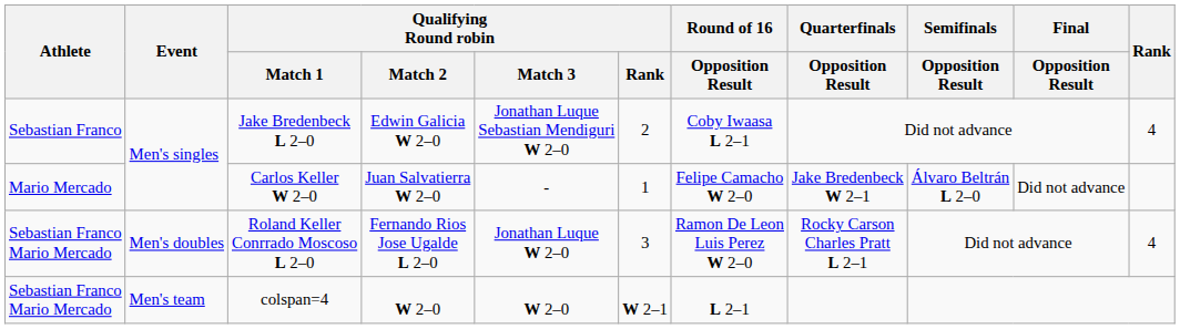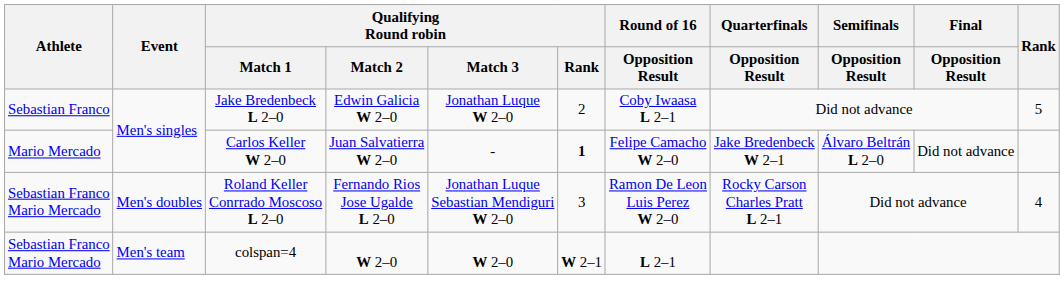 <table class="wikitable" style="font-size:90%">
 <tr>
 <th rowspan="2">Athlete</th>
 <th rowspan="2">Event</th>
 <th colspan="4">Qualifying<br>Round robin</th>
 <th>Round of 16</th>
 <th>Quarterfinals</th>
 <th>Semifinals</th>
 <th>Final</th>
 <th rowspan="2">Rank</th>
 </tr>
 <tr>
 <th>Match 1</th>
 <th>Match 2</th>
 <th>Match 3</th>
 <th>Rank</th>
 <th>Opposition<br>Result</th>
 <th>Opposition<br>Result</th>
 <th>Opposition<br>Result</th>
 <th>Opposition<br>Result</th>
 </tr>
 <tr align=center>
 <td align=left><a href='#'>Sebastian Franco</a></td>
 <td rowspan=2 align=left><a href='#'>Men's singles</a></td>
 <td align=center> <a href='#'>Jake Bredenbeck</a><br><strong>L</strong> 2–0</td>
 <td align=center> <a href='#'>Edwin Galicia</a><br><strong>W</strong> 2–0</td>
-<td align=center> <a href='#'>Jonathan Luque</a><br><a href='#'>Sebastian Mendiguri</a><br><strong>W</strong> 2–0</td>
+<td align=center> <a href='#'>Jonathan Luque</a><br><strong>W</strong> 2–0</td>
 <td>2</td>
 <td align=center> <a href='#'>Coby Iwaasa</a><br><strong>L</strong> 2–1</td>
 <td colspan=3>Did not advance</td>
-<td>4</td>
+<td>5</td>
 </tr>
 <tr align=center>
 <td align=left><a href='#'>Mario Mercado</a></td>
 <td align=center> <a href='#'>Carlos Keller</a><br><strong>W</strong> 2–0</td>
 <td align=center> <a href='#'>Juan Salvatierra</a><br><strong>W</strong> 2–0</td>
 <td align=center>-</td>
-<td>1</td>
+<td><strong>1</strong></td>
 <td align=center> <a href='#'>Felipe Camacho</a><br><strong>W</strong> 2–0</td>
 <td align=center> <a href='#'>Jake Bredenbeck</a><br><strong>W</strong> 2–1</td>
 <td align=center> <a href='#'>Álvaro Beltrán</a><br><strong>L</strong> 2–0</td>
 <td colspan=1>Did not advance</td>
 <td></td>
 </tr>
 <tr align=center>
 <td align=left><a href='#'>Sebastian Franco</a><br><a href='#'>Mario Mercado</a></td>
 <td align=left><a href='#'>Men's doubles</a></td>
 <td align=center> <a href='#'>Roland Keller</a><br><a href='#'>Conrrado Moscoso</a><br><strong>L</strong> 2–0</td>
 <td align=center> <a href='#'>Fernando Rios</a><br><a href='#'>Jose Ugalde</a><br><strong>L</strong> 2–0</td>
-<td align=center> <a href='#'>Jonathan Luque</a><br><strong>W</strong> 2–0</td>
+<td align=center> <a href='#'>Jonathan Luque</a><br><a href='#'>Sebastian Mendiguri</a><br><strong>W</strong> 2–0</td>
 <td>3</td>
 <td align=center> <a href='#'>Ramon De Leon</a><br><a href='#'>Luis Perez</a><br><strong>W</strong> 2–0</td>
 <td align=center> <a href='#'>Rocky Carson</a><br><a href='#'>Charles Pratt</a><br><strong>L</strong> 2–1</td>
 <td colspan=2>Did not advance</td>
 <td>4</td>
 </tr>
 <tr align=center>
 <td align=left><a href='#'>Sebastian Franco</a><br><a href='#'>Mario Mercado</a></td>
 <td align=left><a href='#'>Men's team</a></td>
 <td>colspan=4 </td>
 <td align=center><br><strong>W</strong> 2–0</td>
 <td align=center><br><strong>W</strong> 2–0</td>
 <td align=center><br><strong>W</strong> 2–1</td>
 <td align=center><br><strong>L</strong> 2–1</td>
 <td></td>
 </tr>
 </table>
